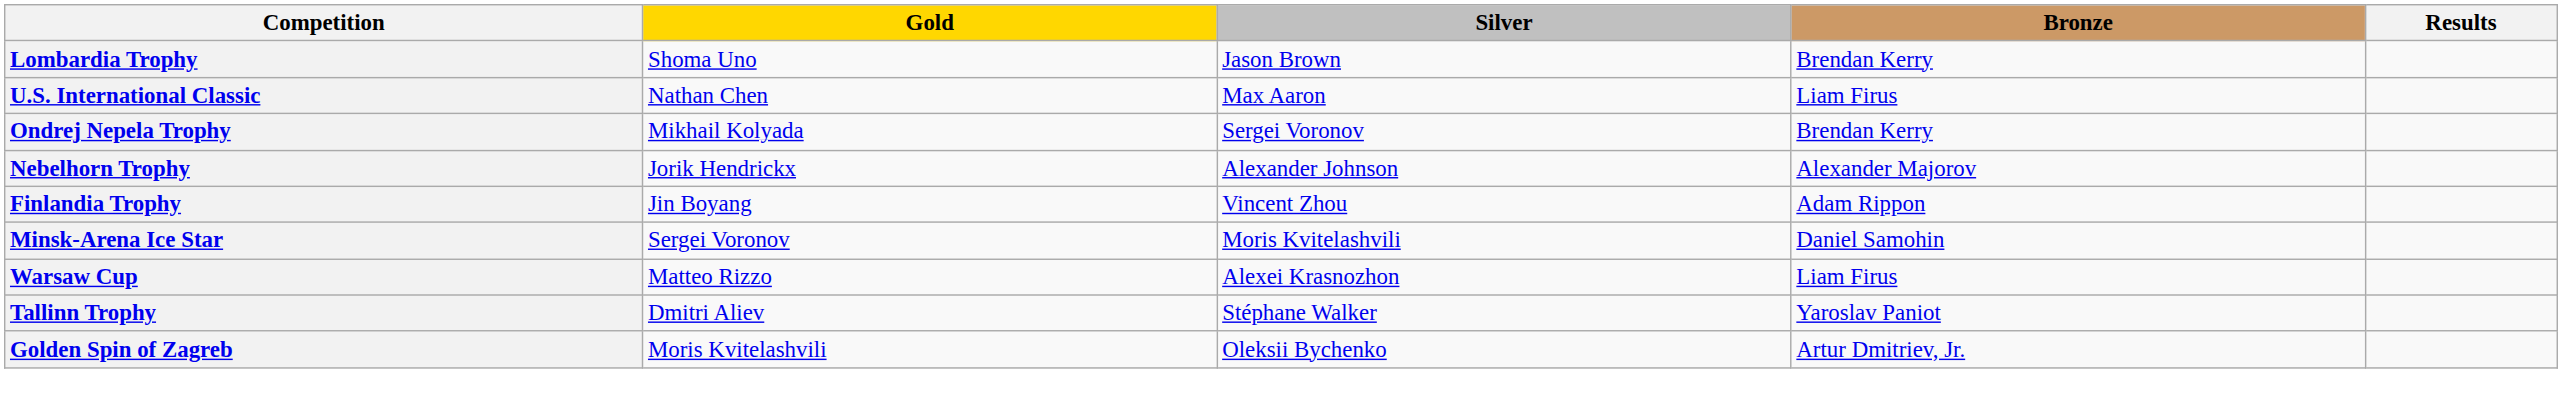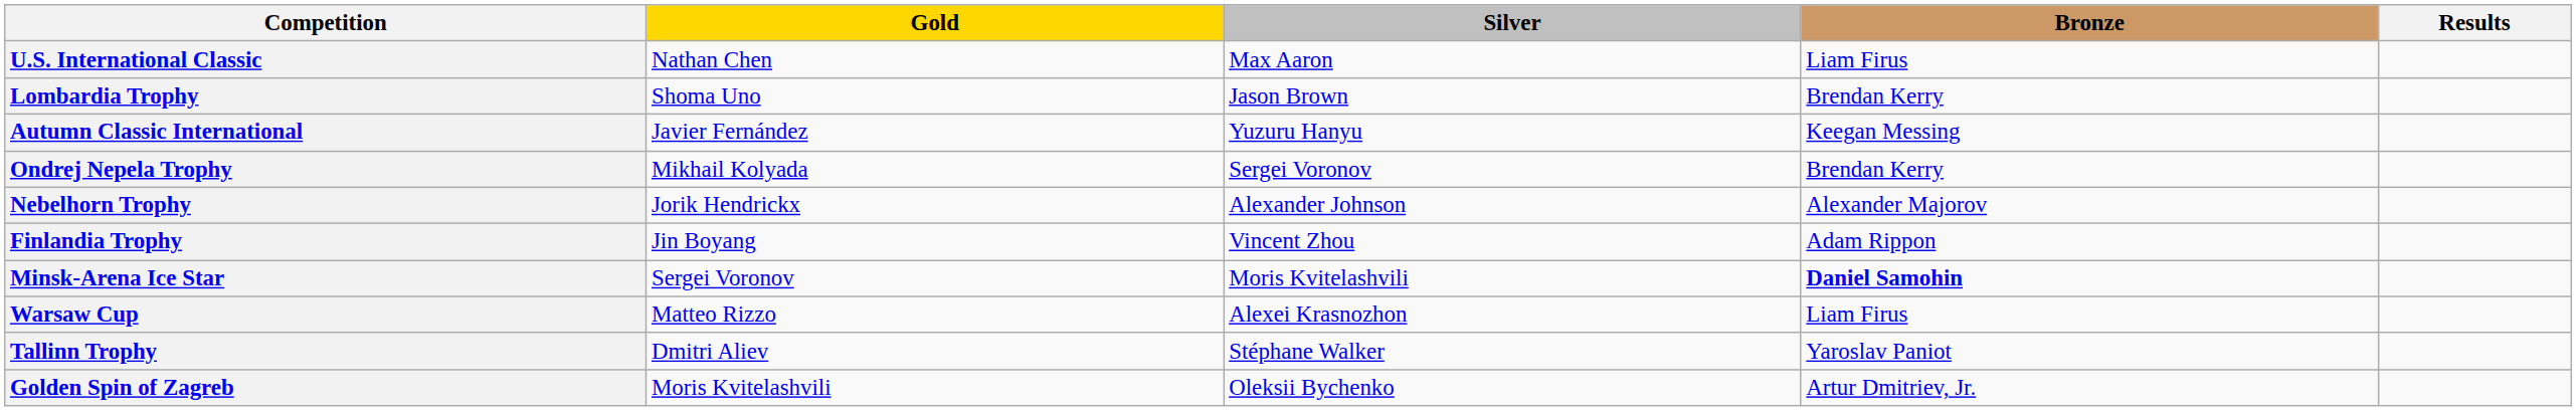 <table class="wikitable unsortable" style="text-align:left; width:90%;">
 <tr>
 <th scope="col" style="text-align:center; width:25%;">Competition</th>
 <td scope="col" style="text-align:center; width:22.5%; background:gold"><strong>Gold</strong></td>
 <td scope="col" style="text-align:center; width:22.5%; background:silver"><strong>Silver</strong></td>
 <td scope="col" style="text-align:center; width:22.5%; background:#c96"><strong>Bronze</strong></td>
 <th scope="col" style="text-align:center; width:7.5%;">Results</th>
 </tr>
 <tr>
+<th scope="row" style="text-align:left"> <a href='#'>U.S. International Classic</a></th>
+<td> <a href='#'>Nathan Chen</a></td>
+<td> <a href='#'>Max Aaron</a></td>
+<td> <a href='#'>Liam Firus</a></td>
+<td></td>
+</tr>
+<tr>
 <th scope="row" style="text-align:left"> <a href='#'>Lombardia Trophy</a></th>
 <td> <a href='#'>Shoma Uno</a></td>
 <td> <a href='#'>Jason Brown</a></td>
 <td> <a href='#'>Brendan Kerry</a></td>
 <td></td>
 </tr>
 <tr>
-<th scope="row" style="text-align:left"> <a href='#'>U.S. International Classic</a></th>
-<td> <a href='#'>Nathan Chen</a></td>
-<td> <a href='#'>Max Aaron</a></td>
-<td> <a href='#'>Liam Firus</a></td>
+<th scope="row" style="text-align:left"> <a href='#'>Autumn Classic International</a></th>
+<td> <a href='#'>Javier Fernández</a></td>
+<td> <a href='#'>Yuzuru Hanyu</a></td>
+<td> <a href='#'>Keegan Messing</a></td>
 <td></td>
 </tr>
 <tr>
 <th scope="row" style="text-align:left"> <a href='#'>Ondrej Nepela Trophy</a></th>
 <td> <a href='#'>Mikhail Kolyada</a></td>
 <td> <a href='#'>Sergei Voronov</a></td>
 <td> <a href='#'>Brendan Kerry</a></td>
 <td></td>
 </tr>
 <tr>
 <th scope="row" style="text-align:left"> <a href='#'>Nebelhorn Trophy</a></th>
 <td> <a href='#'>Jorik Hendrickx</a></td>
 <td> <a href='#'>Alexander Johnson</a></td>
 <td> <a href='#'>Alexander Majorov</a></td>
 <td></td>
 </tr>
 <tr>
 <th scope="row" style="text-align:left"> <a href='#'>Finlandia Trophy</a></th>
 <td> <a href='#'>Jin Boyang</a></td>
 <td> <a href='#'>Vincent Zhou</a></td>
 <td> <a href='#'>Adam Rippon</a></td>
 <td></td>
 </tr>
 <tr>
 <th scope="row" style="text-align:left"> <a href='#'>Minsk-Arena Ice Star</a></th>
 <td> <a href='#'>Sergei Voronov</a></td>
 <td> <a href='#'>Moris Kvitelashvili</a></td>
-<td> <a href='#'>Daniel Samohin</a></td>
+<td><strong> <a href='#'>Daniel Samohin</a></strong></td>
 <td></td>
 </tr>
 <tr>
 <th scope="row" style="text-align:left"> <a href='#'>Warsaw Cup</a></th>
 <td> <a href='#'>Matteo Rizzo</a></td>
 <td> <a href='#'>Alexei Krasnozhon</a></td>
 <td> <a href='#'>Liam Firus</a></td>
 <td></td>
 </tr>
 <tr>
 <th scope="row" style="text-align:left"> <a href='#'>Tallinn Trophy</a></th>
 <td> <a href='#'>Dmitri Aliev</a></td>
 <td> <a href='#'>Stéphane Walker</a></td>
 <td> <a href='#'>Yaroslav Paniot</a></td>
 <td></td>
 </tr>
 <tr>
 <th scope="row" style="text-align:left"> <a href='#'>Golden Spin of Zagreb</a></th>
 <td> <a href='#'>Moris Kvitelashvili</a></td>
 <td> <a href='#'>Oleksii Bychenko</a></td>
 <td> <a href='#'>Artur Dmitriev, Jr.</a></td>
 <td></td>
 </tr>
 </table>
